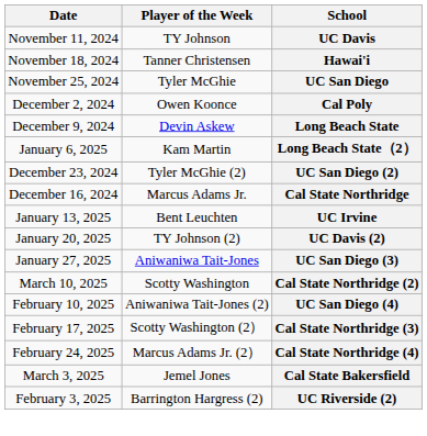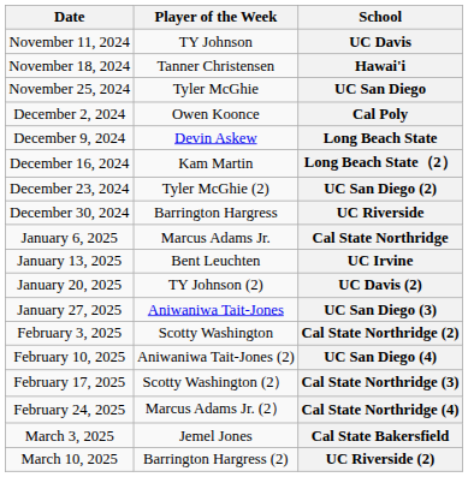 <table class=wikitable style="text-align:center">
 <tr>
 <th>Date</th>
 <th>Player of the Week</th>
 <th>School</th>
 </tr>
 <tr>
 <td>November 11, 2024</td>
 <td>TY Johnson</td>
 <th>UC Davis</th>
 </tr>
 <tr>
 <td>November 18, 2024</td>
 <td>Tanner Christensen</td>
 <th>Hawai'i</th>
 </tr>
 <tr>
 <td>November 25, 2024</td>
 <td>Tyler McGhie</td>
 <th>UC San Diego</th>
 </tr>
 <tr>
 <td>December 2, 2024</td>
 <td>Owen Koonce</td>
 <th>Cal Poly</th>
 </tr>
 <tr>
 <td>December 9, 2024</td>
 <td><a href='#'>Devin Askew</a></td>
 <th>Long Beach State</th>
 </tr>
 <tr>
-<td>January 6, 2025</td>
+<td>December 16, 2024</td>
 <td>Kam Martin</td>
 <th>Long Beach State（2）</th>
 </tr>
 <tr>
 <td>December 23, 2024</td>
 <td>Tyler McGhie (2)</td>
 <th>UC San Diego (2)</th>
 </tr>
 <tr>
-<td>December 16, 2024</td>
+<td>December 30, 2024</td>
+<td>Barrington Hargress</td>
+<th>UC Riverside</th>
+</tr>
+<tr>
+<td>January 6, 2025</td>
 <td>Marcus Adams Jr.</td>
 <th>Cal State Northridge</th>
 </tr>
 <tr>
 <td>January 13, 2025</td>
 <td>Bent Leuchten</td>
 <th>UC Irvine</th>
 </tr>
 <tr>
 <td>January 20, 2025</td>
 <td>TY Johnson (2)</td>
 <th>UC Davis (2)</th>
 </tr>
 <tr>
 <td>January 27, 2025</td>
 <td><a href='#'>Aniwaniwa Tait-Jones</a></td>
 <th>UC San Diego (3)</th>
 </tr>
 <tr>
-<td>March 10, 2025</td>
+<td>February 3, 2025</td>
 <td>Scotty Washington</td>
 <th>Cal State Northridge (2)</th>
 </tr>
 <tr>
 <td>February 10, 2025</td>
 <td>Aniwaniwa Tait-Jones (2)</td>
 <th>UC San Diego (4)</th>
 </tr>
 <tr>
 <td>February 17, 2025</td>
 <td>Scotty Washington (2）</td>
 <th>Cal State Northridge (3)</th>
 </tr>
 <tr>
 <td>February 24, 2025</td>
 <td>Marcus Adams Jr. (2）</td>
 <th>Cal State Northridge (4)</th>
 </tr>
 <tr>
 <td>March 3, 2025</td>
 <td>Jemel Jones</td>
 <th>Cal State Bakersfield</th>
 </tr>
 <tr>
-<td>February 3, 2025</td>
+<td>March 10, 2025</td>
 <td>Barrington Hargress (2)</td>
 <th>UC Riverside (2)</th>
 </tr>
 </table>
